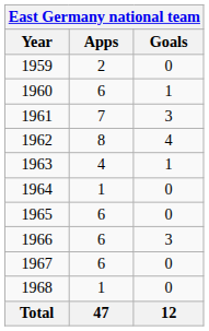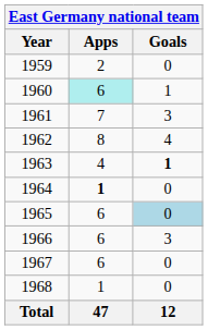 <table class="wikitable" style="text-align:center">
 <tr>
 <th colspan=3><a href='#'>East Germany national team</a></th>
 </tr>
 <tr>
 <th>Year</th>
 <th>Apps</th>
 <th>Goals</th>
 </tr>
 <tr>
 <td>1959</td>
 <td>2</td>
 <td>0</td>
 </tr>
 <tr>
 <td>1960</td>
-<td>6</td>
+<td style="background: paleturquoise;">6</td>
 <td>1</td>
 </tr>
 <tr>
 <td>1961</td>
 <td>7</td>
 <td>3</td>
 </tr>
 <tr>
 <td>1962</td>
 <td>8</td>
 <td>4</td>
 </tr>
 <tr>
 <td>1963</td>
 <td>4</td>
-<td>1</td>
+<td><strong>1</strong></td>
 </tr>
 <tr>
 <td>1964</td>
-<td>1</td>
+<td><strong>1</strong></td>
 <td>0</td>
 </tr>
 <tr>
 <td>1965</td>
 <td>6</td>
-<td>0</td>
+<td style="background: lightblue;">0</td>
 </tr>
 <tr>
 <td>1966</td>
 <td>6</td>
 <td>3</td>
 </tr>
 <tr>
 <td>1967</td>
 <td>6</td>
 <td>0</td>
 </tr>
 <tr>
 <td>1968</td>
 <td>1</td>
 <td>0</td>
 </tr>
 <tr>
 <th>Total</th>
 <th>47</th>
 <th>12</th>
 </tr>
 </table>
